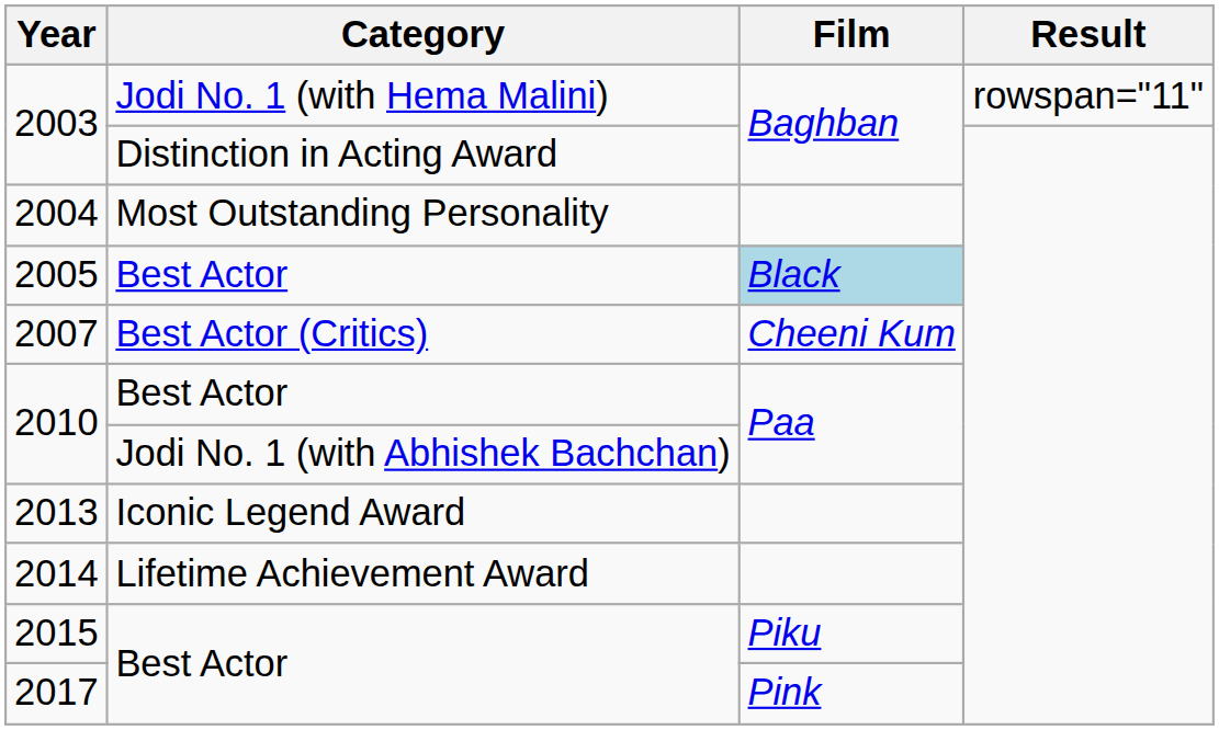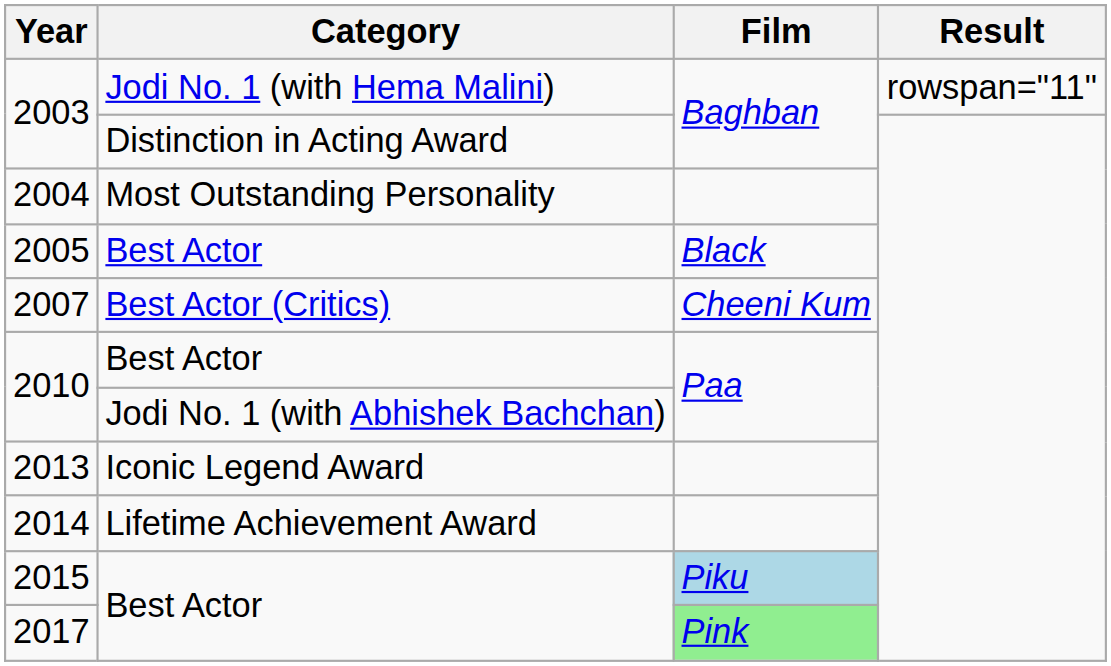 <table class="wikitable sortable">
 <tr>
 <th>Year</th>
 <th>Category</th>
 <th>Film</th>
 <th>Result</th>
 </tr>
 <tr>
 <td rowspan="2">2003</td>
 <td><a href='#'>Jodi No. 1</a> (with <a href='#'>Hema Malini</a>)</td>
 <td rowspan="2"><em><a href='#'>Baghban</a></em></td>
 <td>rowspan="11" </td>
 </tr>
 <tr>
 <td>Distinction in Acting Award</td>
 </tr>
 <tr>
 <td>2004</td>
 <td>Most Outstanding Personality</td>
 <td></td>
 </tr>
 <tr>
 <td>2005</td>
 <td><a href='#'>Best Actor</a></td>
-<td style="background: lightblue;"><em><a href='#'>Black</a></em></td>
+<td><em><a href='#'>Black</a></em></td>
 </tr>
 <tr>
 <td>2007</td>
 <td><a href='#'>Best Actor (Critics)</a></td>
 <td><em><a href='#'>Cheeni Kum</a></em></td>
 </tr>
 <tr>
 <td rowspan="2">2010</td>
 <td>Best Actor</td>
 <td rowspan="2"><em><a href='#'>Paa</a></em></td>
 </tr>
 <tr>
 <td>Jodi No. 1 (with <a href='#'>Abhishek Bachchan</a>)</td>
 </tr>
 <tr>
 <td>2013</td>
 <td>Iconic Legend Award</td>
 <td></td>
 </tr>
 <tr>
 <td>2014</td>
 <td>Lifetime Achievement Award</td>
 <td></td>
 </tr>
 <tr>
 <td>2015</td>
 <td rowspan="2">Best Actor</td>
-<td><em><a href='#'>Piku</a></em></td>
+<td style="background: lightblue;"><em><a href='#'>Piku</a></em></td>
 </tr>
 <tr>
 <td>2017</td>
-<td><em><a href='#'>Pink</a></em></td>
+<td style="background: lightgreen;"><em><a href='#'>Pink</a></em></td>
 </tr>
 </table>
